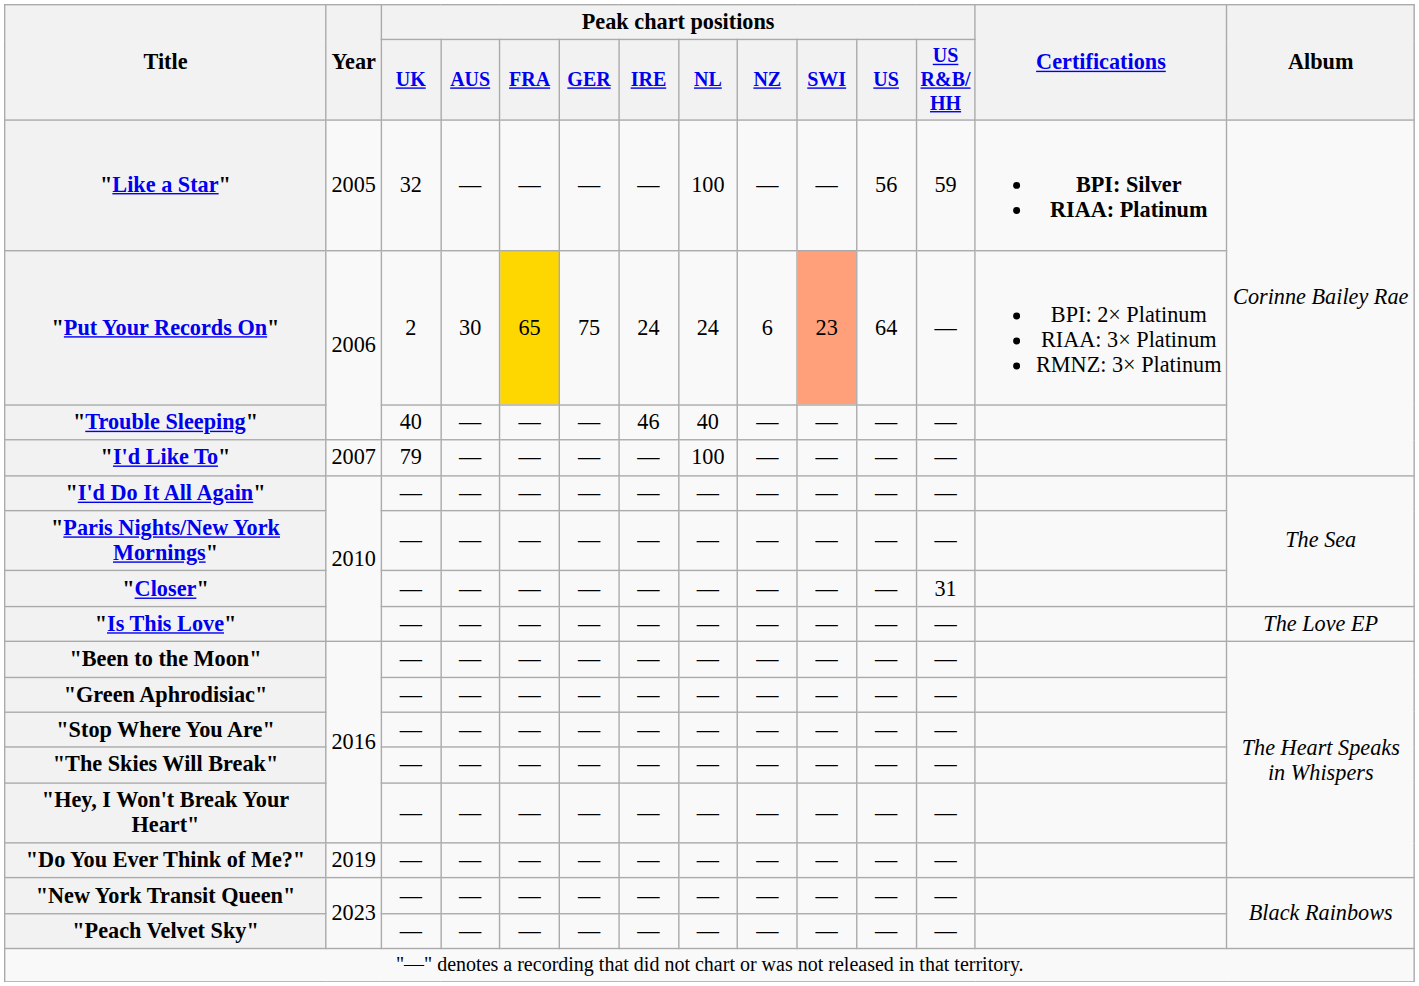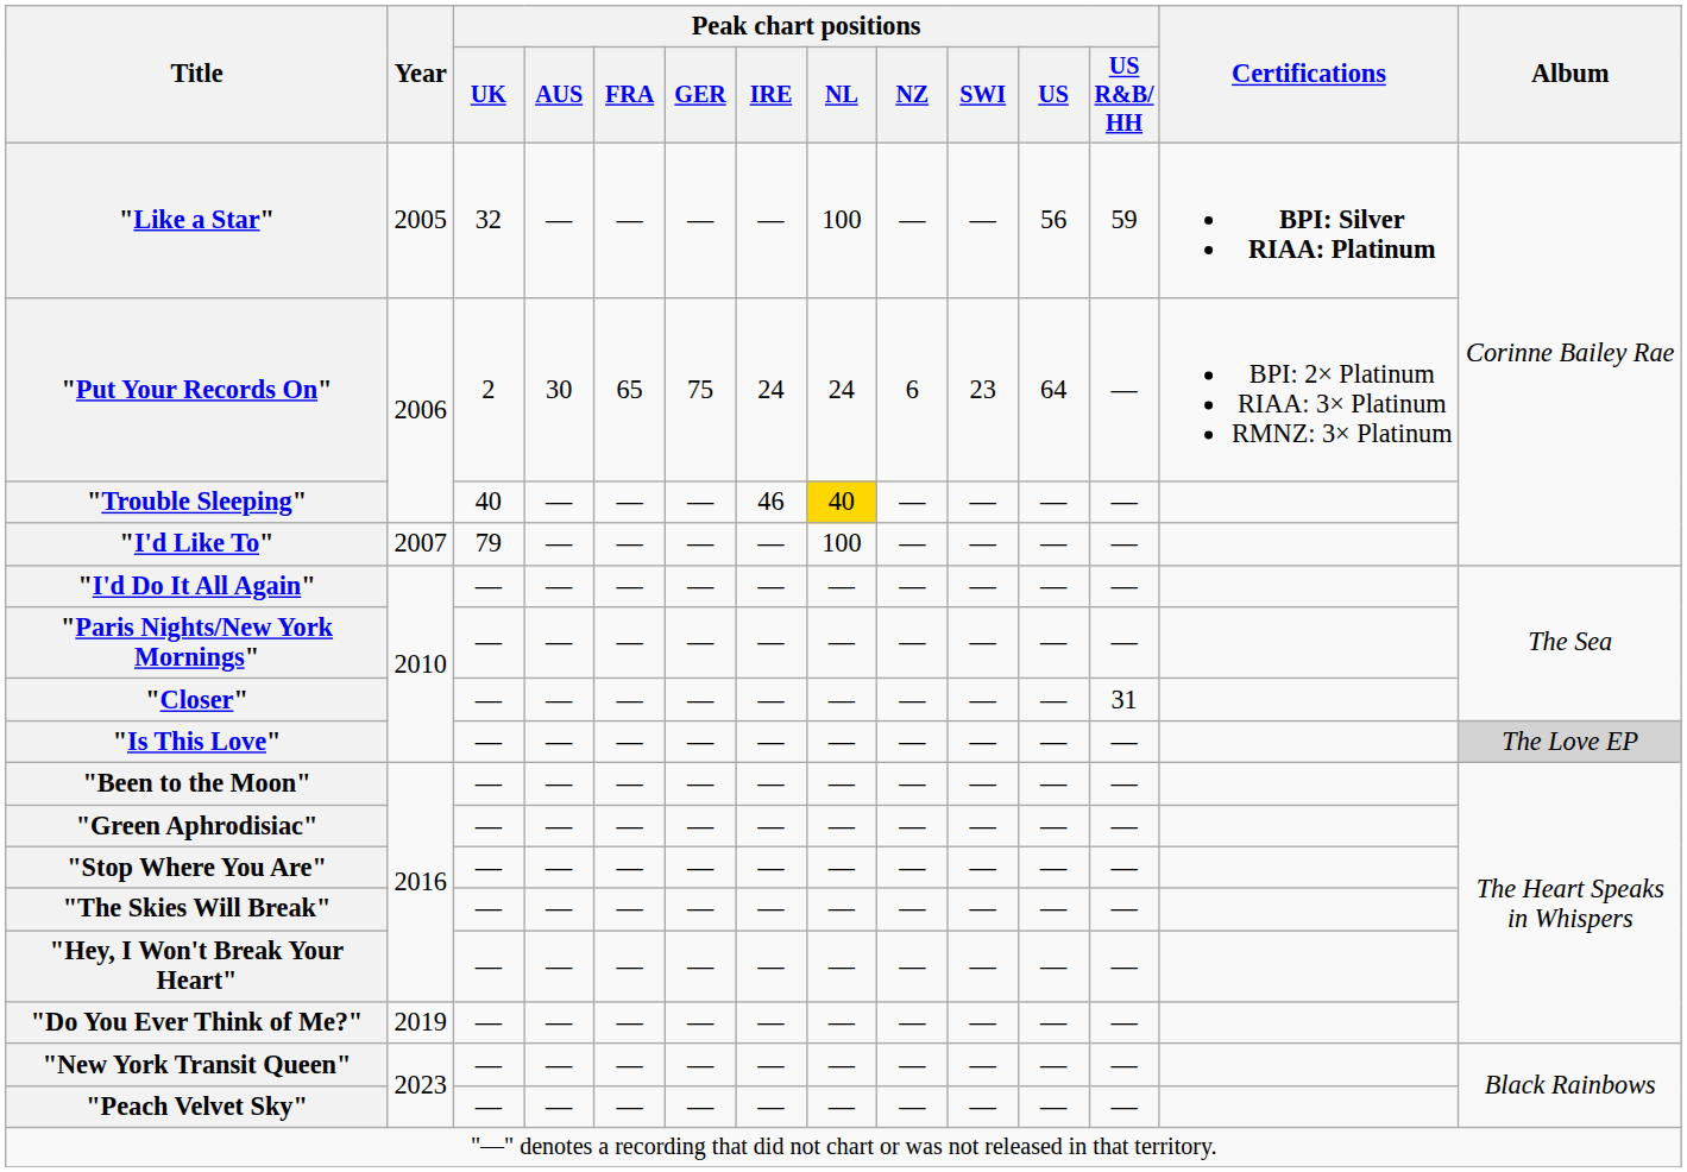 <table class="wikitable plainrowheaders" style="text-align:center;">
 <tr>
 <th scope="col" rowspan="2" style="width:14em;">Title</th>
 <th scope="col" rowspan="2" style="width:1em;">Year</th>
 <th scope="col" colspan="10">Peak chart positions</th>
 <th scope="col" rowspan="2"><a href='#'>Certifications</a></th>
 <th scope="col" rowspan="2" style="width:8em;">Album</th>
 </tr>
 <tr>
 <th scope="col" style="width:2.5em;font-size:90%;"><a href='#'>UK</a><br></th>
 <th scope="col" style="width:2.5em;font-size:90%;"><a href='#'>AUS</a><br></th>
 <th scope="col" style="width:2.5em;font-size:90%;"><a href='#'>FRA</a><br></th>
 <th scope="col" style="width:2.5em;font-size:90%;"><a href='#'>GER</a><br></th>
 <th scope="col" style="width:2.5em;font-size:90%;"><a href='#'>IRE</a><br></th>
 <th scope="col" style="width:2.5em;font-size:90%;"><a href='#'>NL</a><br></th>
 <th scope="col" style="width:2.5em;font-size:90%;"><a href='#'>NZ</a><br></th>
 <th scope="col" style="width:2.5em;font-size:90%;"><a href='#'>SWI</a><br></th>
 <th scope="col" style="width:2.5em;font-size:90%;"><a href='#'>US</a><br></th>
 <th scope="col" style="width:2.5em;font-size:90%;"><a href='#'>US<br>R&B/<br>HH</a><br></th>
 </tr>
 <tr>
 <th scope="row">"<a href='#'>Like a Star</a>"</th>
 <td>2005</td>
 <td>32</td>
 <td>—</td>
 <td>—</td>
 <td>—</td>
 <td>—</td>
 <td>100</td>
 <td>—</td>
 <td>—</td>
 <td>56</td>
 <td>59</td>
 <td><strong><br><ul><li>BPI: Silver</li><li>RIAA: Platinum</li></ul></strong></td>
 <td rowspan="4"><em>Corinne Bailey Rae</em></td>
 </tr>
 <tr>
 <th scope="row">"<a href='#'>Put Your Records On</a>"</th>
 <td rowspan="2">2006</td>
 <td>2</td>
 <td>30</td>
-<td style="background: gold;">65</td>
+<td>65</td>
 <td>75</td>
 <td>24</td>
 <td>24</td>
 <td>6</td>
-<td style="background: lightsalmon;">23</td>
+<td>23</td>
 <td>64</td>
 <td>—</td>
 <td><br><ul><li>BPI: 2× Platinum</li><li>RIAA: 3× Platinum</li><li>RMNZ: 3× Platinum</li></ul></td>
 </tr>
 <tr>
 <th scope="row">"<a href='#'>Trouble Sleeping</a>"</th>
 <td>40</td>
 <td>—</td>
 <td>—</td>
 <td>—</td>
 <td>46</td>
-<td>40</td>
+<td style="background: gold;">40</td>
 <td>—</td>
 <td>—</td>
 <td>—</td>
 <td>—</td>
 </tr>
 <tr>
 <th scope="row">"<a href='#'>I'd Like To</a>"</th>
 <td>2007</td>
 <td>79</td>
 <td>—</td>
 <td>—</td>
 <td>—</td>
 <td>—</td>
 <td>100</td>
 <td>—</td>
 <td>—</td>
 <td>—</td>
 <td>—</td>
 <td></td>
 </tr>
 <tr>
 <th scope="row">"<a href='#'>I'd Do It All Again</a>"</th>
 <td rowspan="4">2010</td>
 <td>—</td>
 <td>—</td>
 <td>—</td>
 <td>—</td>
 <td>—</td>
 <td>—</td>
 <td>—</td>
 <td>—</td>
 <td>—</td>
 <td>—</td>
 <td></td>
 <td rowspan="3"><em>The Sea</em></td>
 </tr>
 <tr>
 <th scope="row">"<a href='#'>Paris Nights/New York Mornings</a>"</th>
 <td>—</td>
 <td>—</td>
 <td>—</td>
 <td>—</td>
 <td>—</td>
 <td>—</td>
 <td>—</td>
 <td>—</td>
 <td>—</td>
 <td>—</td>
 <td></td>
 </tr>
 <tr>
 <th scope="row">"<a href='#'>Closer</a>"</th>
 <td>—</td>
 <td>—</td>
 <td>—</td>
 <td>—</td>
 <td>—</td>
 <td>—</td>
 <td>—</td>
 <td>—</td>
 <td>—</td>
 <td>31</td>
 <td></td>
 </tr>
 <tr>
 <th scope="row">"<a href='#'>Is This Love</a>"</th>
 <td>—</td>
 <td>—</td>
 <td>—</td>
 <td>—</td>
 <td>—</td>
 <td>—</td>
 <td>—</td>
 <td>—</td>
 <td>—</td>
 <td>—</td>
 <td></td>
-<td><em>The Love EP</em></td>
+<td style="background: lightgrey;"><em>The Love EP</em></td>
 </tr>
 <tr>
 <th scope="row">"Been to the Moon"</th>
 <td rowspan="5">2016</td>
 <td>—</td>
 <td>—</td>
 <td>—</td>
 <td>—</td>
 <td>—</td>
 <td>—</td>
 <td>—</td>
 <td>—</td>
 <td>—</td>
 <td>—</td>
 <td></td>
 <td rowspan="6"><em>The Heart Speaks in Whispers</em></td>
 </tr>
 <tr>
 <th scope="row">"Green Aphrodisiac"</th>
 <td>—</td>
 <td>—</td>
 <td>—</td>
 <td>—</td>
 <td>—</td>
 <td>—</td>
 <td>—</td>
 <td>—</td>
 <td>—</td>
 <td>—</td>
 <td></td>
 </tr>
 <tr>
 <th scope="row">"Stop Where You Are"</th>
 <td>—</td>
 <td>—</td>
 <td>—</td>
 <td>—</td>
 <td>—</td>
 <td>—</td>
 <td>—</td>
 <td>—</td>
 <td>—</td>
 <td>—</td>
 <td></td>
 </tr>
 <tr>
 <th scope="row">"The Skies Will Break"</th>
 <td>—</td>
 <td>—</td>
 <td>—</td>
 <td>—</td>
 <td>—</td>
 <td>—</td>
 <td>—</td>
 <td>—</td>
 <td>—</td>
 <td>—</td>
 <td></td>
 </tr>
 <tr>
 <th scope="row">"Hey, I Won't Break Your Heart"</th>
 <td>—</td>
 <td>—</td>
 <td>—</td>
 <td>—</td>
 <td>—</td>
 <td>—</td>
 <td>—</td>
 <td>—</td>
 <td>—</td>
 <td>—</td>
 <td></td>
 </tr>
 <tr>
 <th scope="row">"Do You Ever Think of Me?"</th>
 <td rowspan="1">2019</td>
 <td>—</td>
 <td>—</td>
 <td>—</td>
 <td>—</td>
 <td>—</td>
 <td>—</td>
 <td>—</td>
 <td>—</td>
 <td>—</td>
 <td>—</td>
 <td></td>
 </tr>
 <tr>
 <th scope="row">"New York Transit Queen"</th>
 <td rowspan="2">2023</td>
 <td>—</td>
 <td>—</td>
 <td>—</td>
 <td>—</td>
 <td>—</td>
 <td>—</td>
 <td>—</td>
 <td>—</td>
 <td>—</td>
 <td>—</td>
 <td></td>
 <td rowspan="2"><em>Black Rainbows</em></td>
 </tr>
 <tr>
 <th scope="row">"Peach Velvet Sky"</th>
 <td>—</td>
 <td>—</td>
 <td>—</td>
 <td>—</td>
 <td>—</td>
 <td>—</td>
 <td>—</td>
 <td>—</td>
 <td>—</td>
 <td>—</td>
 <td></td>
 </tr>
 <tr>
 <td colspan="14" style="font-size:90%">"—" denotes a recording that did not chart or was not released in that territory.</td>
 </tr>
 </table>
